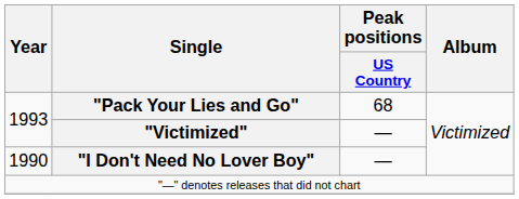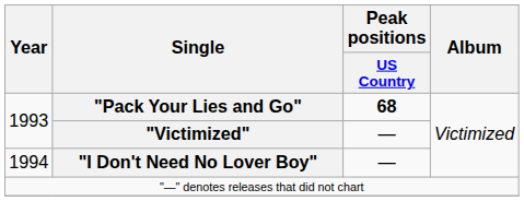 <table class="wikitable plainrowheaders" style="text-align:center;">
 <tr>
 <th rowspan="2">Year</th>
 <th rowspan="2" style="width:16em;">Single</th>
 <th colspan="1">Peak positions</th>
 <th rowspan="2">Album</th>
 </tr>
 <tr style="font-size:smaller;">
 <th width="65"><a href='#'>US Country</a></th>
 </tr>
 <tr>
 <td rowspan="2">1993</td>
 <th scope="row">"Pack Your Lies and Go"</th>
-<td>68</td>
+<td><strong>68</strong></td>
 <td align="left" rowspan="3"><em>Victimized</em></td>
 </tr>
 <tr>
 <th scope="row">"Victimized"</th>
 <td>—</td>
 </tr>
 <tr>
-<td>1990</td>
+<td>1994</td>
 <th scope="row">"I Don't Need No Lover Boy"</th>
 <td>—</td>
 </tr>
 <tr>
 <td colspan="4" style="font-size:8pt">"—" denotes releases that did not chart</td>
 </tr>
 <tr>
 </tr>
 </table>
